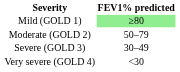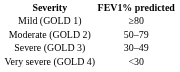 <table class=wikitable" style = "float: right; margin-left:15px; text-align:center">
 <tr>
 <th>Severity</th>
 <th>FEV1% predicted</th>
 </tr>
 <tr>
 <td>Mild (GOLD 1)</td>
-<td style="background: lightgreen;">≥80</td>
+<td>≥80</td>
 </tr>
 <tr>
 <td>Moderate (GOLD 2)</td>
 <td>50–79</td>
 </tr>
 <tr>
 <td>Severe (GOLD 3)</td>
 <td>30–49</td>
 </tr>
 <tr>
 <td>Very severe (GOLD 4)</td>
 <td><30</td>
 </tr>
 </table>
